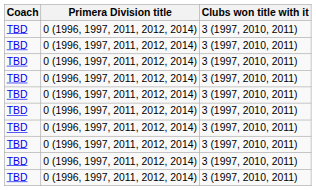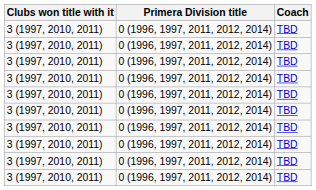 <table class="wikitable sortable">
 <tr>
+<th>Clubs won title with it</th>
+<th>Primera Division title</th>
 <th>Coach</th>
-<th>Primera Division title</th>
-<th>Clubs won title with it</th>
 </tr>
 <tr>
+<td>3 (1997, 2010, 2011)</td>
+<td>0 (1996, 1997, 2011, 2012, 2014)</td>
 <td><a href='#'>TBD</a></td>
-<td>0 (1996, 1997, 2011, 2012, 2014)</td>
-<td>3 (1997, 2010, 2011)</td>
 </tr>
 <tr>
+<td>3 (1997, 2010, 2011)</td>
+<td>0 (1996, 1997, 2011, 2012, 2014)</td>
 <td><a href='#'>TBD</a></td>
-<td>0 (1996, 1997, 2011, 2012, 2014)</td>
-<td>3 (1997, 2010, 2011)</td>
 </tr>
 <tr>
+<td>3 (1997, 2010, 2011)</td>
+<td>0 (1996, 1997, 2011, 2012, 2014)</td>
 <td><a href='#'>TBD</a></td>
-<td>0 (1996, 1997, 2011, 2012, 2014)</td>
-<td>3 (1997, 2010, 2011)</td>
 </tr>
 <tr>
+<td>3 (1997, 2010, 2011)</td>
+<td>0 (1996, 1997, 2011, 2012, 2014)</td>
 <td><a href='#'>TBD</a></td>
-<td>0 (1996, 1997, 2011, 2012, 2014)</td>
-<td>3 (1997, 2010, 2011)</td>
 </tr>
 <tr>
+<td>3 (1997, 2010, 2011)</td>
+<td>0 (1996, 1997, 2011, 2012, 2014)</td>
 <td><a href='#'>TBD</a></td>
-<td>0 (1996, 1997, 2011, 2012, 2014)</td>
-<td>3 (1997, 2010, 2011)</td>
 </tr>
 <tr>
+<td>3 (1997, 2010, 2011)</td>
+<td>0 (1996, 1997, 2011, 2012, 2014)</td>
 <td><a href='#'>TBD</a></td>
-<td>0 (1996, 1997, 2011, 2012, 2014)</td>
-<td>3 (1997, 2010, 2011)</td>
 </tr>
 <tr>
+<td>3 (1997, 2010, 2011)</td>
+<td>0 (1996, 1997, 2011, 2012, 2014)</td>
 <td><a href='#'>TBD</a></td>
-<td>0 (1996, 1997, 2011, 2012, 2014)</td>
-<td>3 (1997, 2010, 2011)</td>
 </tr>
 <tr>
+<td>3 (1997, 2010, 2011)</td>
+<td>0 (1996, 1997, 2011, 2012, 2014)</td>
 <td><a href='#'>TBD</a></td>
-<td>0 (1996, 1997, 2011, 2012, 2014)</td>
-<td>3 (1997, 2010, 2011)</td>
 </tr>
 <tr>
+<td>3 (1997, 2010, 2011)</td>
+<td>0 (1996, 1997, 2011, 2012, 2014)</td>
 <td><a href='#'>TBD</a></td>
-<td>0 (1996, 1997, 2011, 2012, 2014)</td>
-<td>3 (1997, 2010, 2011)</td>
 </tr>
 <tr>
+<td>3 (1997, 2010, 2011)</td>
+<td>0 (1996, 1997, 2011, 2012, 2014)</td>
 <td><a href='#'>TBD</a></td>
-<td>0 (1996, 1997, 2011, 2012, 2014)</td>
-<td>3 (1997, 2010, 2011)</td>
 </tr>
 </table>
